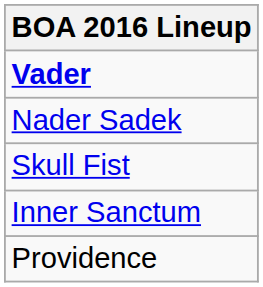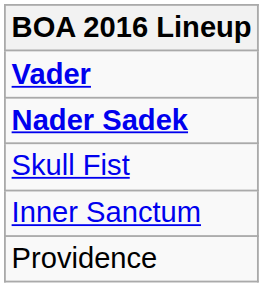 <table class="wikitable">
 <tr>
 <th>BOA 2016 Lineup</th>
 </tr>
 <tr>
 <td><strong><a href='#'>Vader</a></strong></td>
 </tr>
 <tr>
-<td><a href='#'>Nader Sadek</a></td>
+<td><strong><a href='#'>Nader Sadek</a></strong></td>
 </tr>
 <tr>
 <td><a href='#'>Skull Fist</a></td>
 </tr>
 <tr>
 <td><a href='#'>Inner Sanctum</a></td>
 </tr>
 <tr>
 <td>Providence</td>
 </tr>
 </table>
